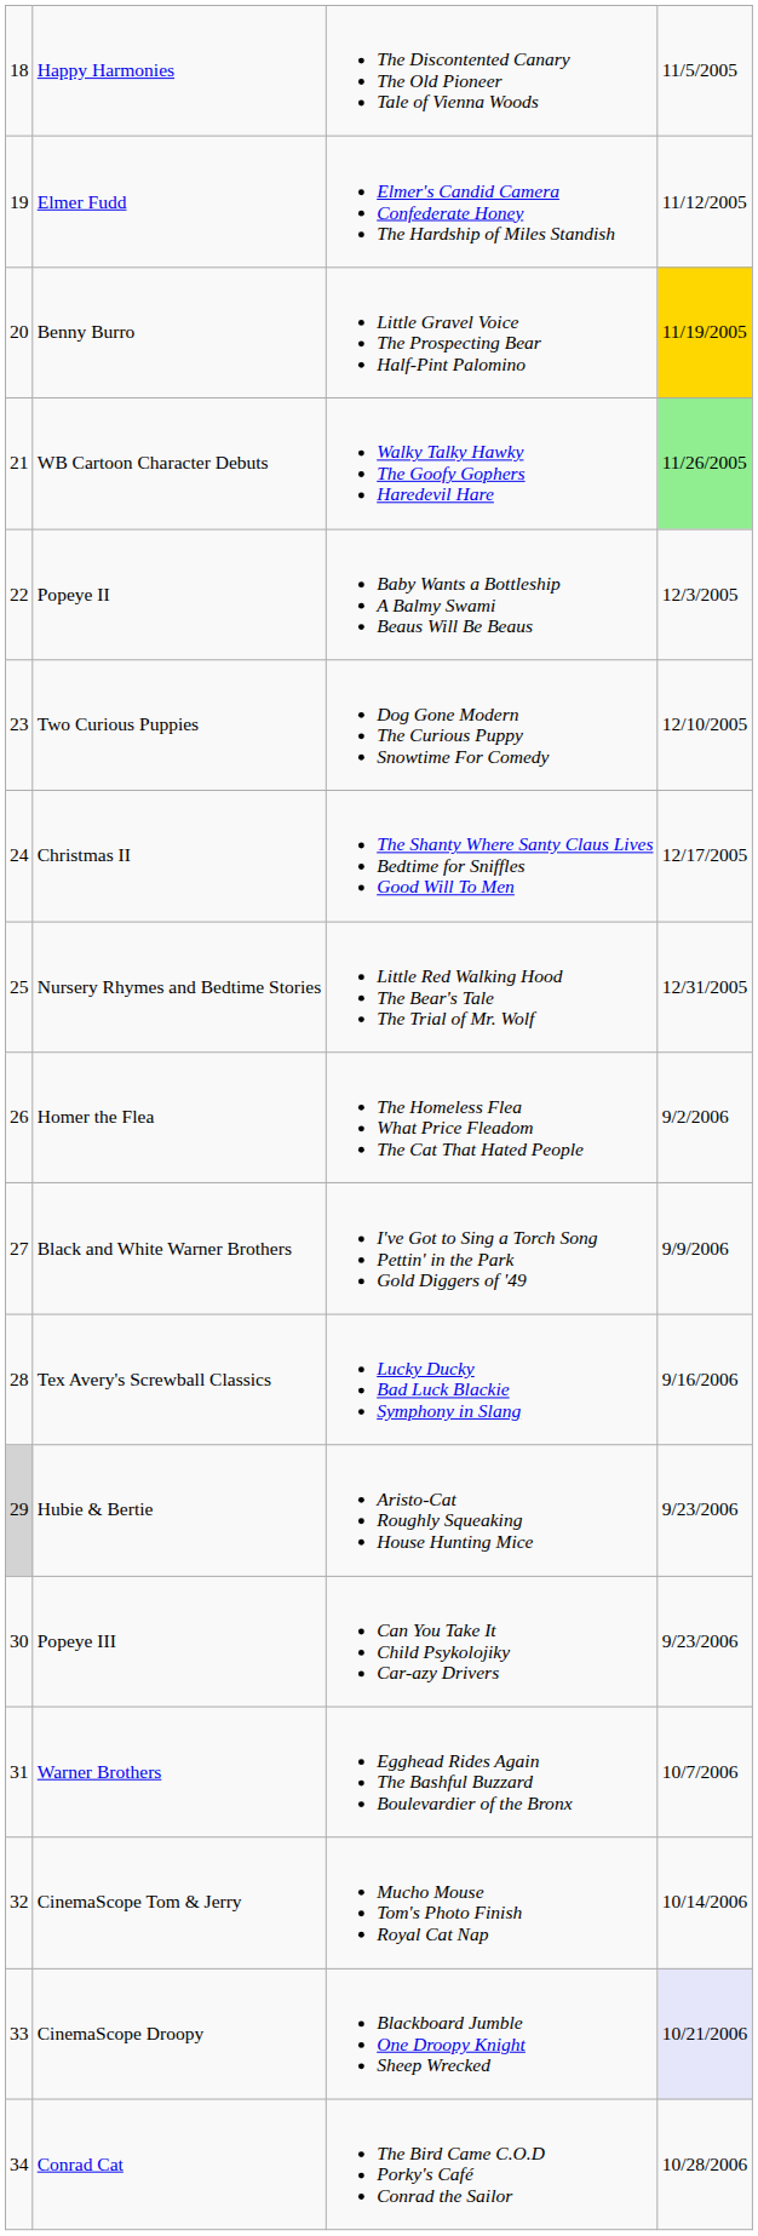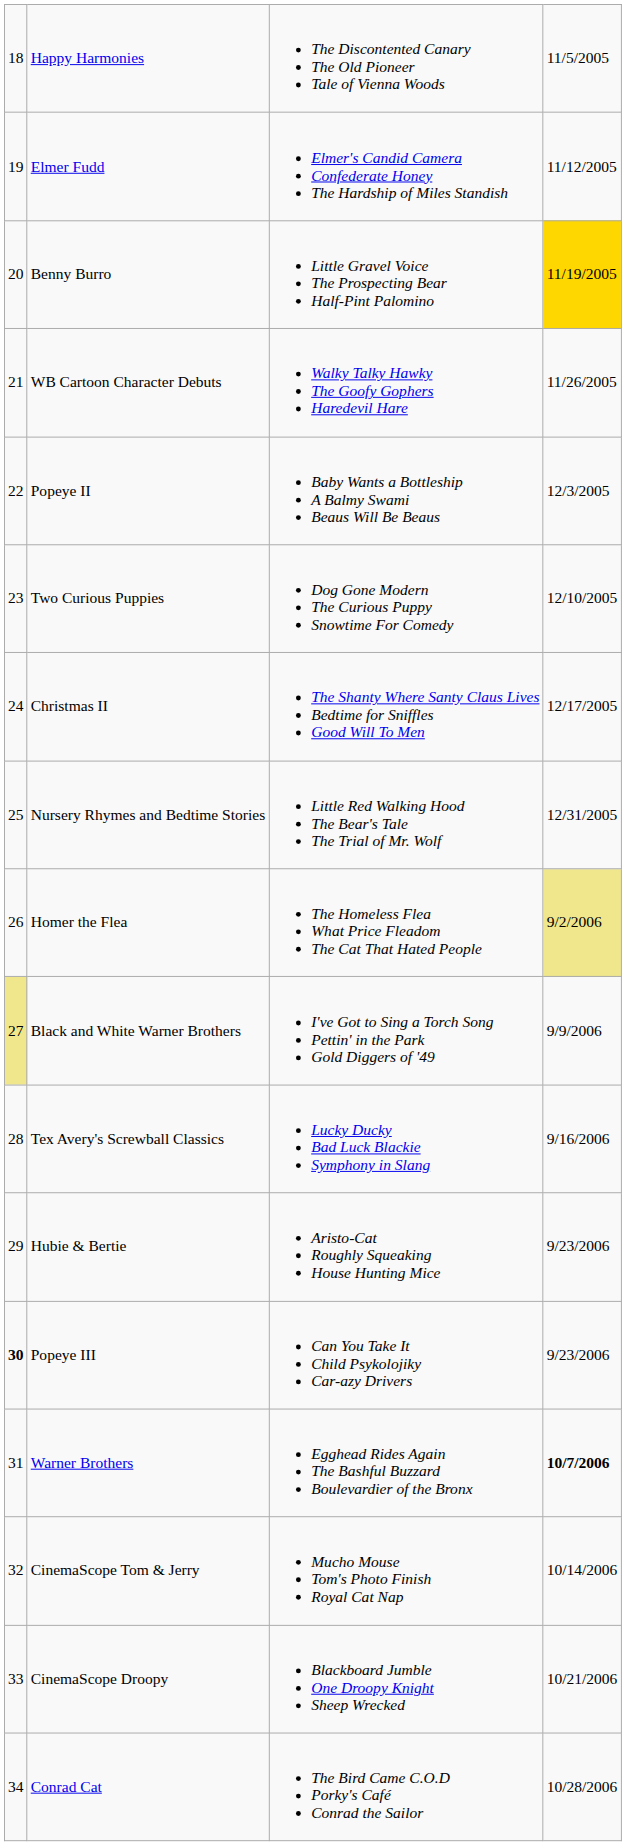 <table class="wikitable">
 <tr>
 <td>18</td>
 <td><a href='#'>Happy Harmonies</a></td>
 <td><br><ul><li><em>The Discontented Canary</em></li><li><em>The Old Pioneer</em></li><li><em>Tale of Vienna Woods</em></li></ul></td>
 <td>11/5/2005</td>
 </tr>
 <tr>
 <td>19</td>
 <td><a href='#'>Elmer Fudd</a></td>
 <td><br><ul><li><em><a href='#'>Elmer's Candid Camera</a></em></li><li><em><a href='#'>Confederate Honey</a></em></li><li><em>The Hardship of Miles Standish</em></li></ul></td>
 <td>11/12/2005</td>
 </tr>
 <tr>
 <td>20</td>
 <td>Benny Burro</td>
 <td><br><ul><li><em>Little Gravel Voice</em></li><li><em>The Prospecting Bear</em></li><li><em>Half-Pint Palomino</em></li></ul></td>
 <td style="background: gold;">11/19/2005</td>
 </tr>
 <tr>
 <td>21</td>
 <td>WB Cartoon Character Debuts</td>
 <td><br><ul><li><em><a href='#'>Walky Talky Hawky</a></em></li><li><em><a href='#'>The Goofy Gophers</a></em></li><li><em><a href='#'>Haredevil Hare</a></em></li></ul></td>
-<td style="background: lightgreen;">11/26/2005</td>
+<td>11/26/2005</td>
 </tr>
 <tr>
 <td>22</td>
 <td>Popeye II</td>
 <td><br><ul><li><em>Baby Wants a Bottleship</em></li><li><em>A Balmy Swami</em></li><li><em>Beaus Will Be Beaus</em></li></ul></td>
 <td>12/3/2005</td>
 </tr>
 <tr>
 <td>23</td>
 <td>Two Curious Puppies</td>
 <td><br><ul><li><em>Dog Gone Modern</em></li><li><em>The Curious Puppy</em></li><li><em>Snowtime For Comedy</em></li></ul></td>
 <td>12/10/2005</td>
 </tr>
 <tr>
 <td>24</td>
 <td>Christmas II</td>
 <td><br><ul><li><em><a href='#'>The Shanty Where Santy Claus Lives</a></em></li><li><em>Bedtime for Sniffles</em></li><li><em><a href='#'>Good Will To Men</a></em></li></ul></td>
 <td>12/17/2005</td>
 </tr>
 <tr>
 <td>25</td>
 <td>Nursery Rhymes and Bedtime Stories</td>
 <td><br><ul><li><em>Little Red Walking Hood</em></li><li><em>The Bear's Tale</em></li><li><em>The Trial of Mr. Wolf</em></li></ul></td>
 <td>12/31/2005</td>
 </tr>
 <tr>
 <td>26</td>
 <td>Homer the Flea</td>
 <td><br><ul><li><em>The Homeless Flea</em></li><li><em>What Price Fleadom</em></li><li><em>The Cat That Hated People</em></li></ul></td>
-<td>9/2/2006</td>
+<td style="background: khaki;">9/2/2006</td>
 </tr>
 <tr>
-<td>27</td>
+<td style="background: khaki;">27</td>
 <td>Black and White Warner Brothers</td>
 <td><br><ul><li><em>I've Got to Sing a Torch Song</em></li><li><em>Pettin' in the Park</em></li><li><em>Gold Diggers of '49</em></li></ul></td>
 <td>9/9/2006</td>
 </tr>
 <tr>
 <td>28</td>
 <td>Tex Avery's Screwball Classics</td>
 <td><br><ul><li><em><a href='#'>Lucky Ducky</a></em></li><li><em><a href='#'>Bad Luck Blackie</a></em></li><li><em><a href='#'>Symphony in Slang</a></em></li></ul></td>
 <td>9/16/2006</td>
 </tr>
 <tr>
-<td style="background: lightgrey;">29</td>
+<td>29</td>
 <td>Hubie & Bertie</td>
 <td><br><ul><li><em>Aristo-Cat</em></li><li><em>Roughly Squeaking</em></li><li><em>House Hunting Mice</em></li></ul></td>
 <td>9/23/2006</td>
 </tr>
 <tr>
-<td>30</td>
+<td><strong>30</strong></td>
 <td>Popeye III</td>
 <td><br><ul><li><em>Can You Take It</em></li><li><em>Child Psykolojiky</em></li><li><em>Car-azy Drivers</em></li></ul></td>
 <td>9/23/2006</td>
 </tr>
 <tr>
 <td>31</td>
 <td><a href='#'>Warner Brothers</a></td>
 <td><br><ul><li><em>Egghead Rides Again</em></li><li><em>The Bashful Buzzard</em></li><li><em>Boulevardier of the Bronx</em></li></ul></td>
-<td>10/7/2006</td>
+<td><strong>10/7/2006</strong></td>
 </tr>
 <tr>
 <td>32</td>
 <td>CinemaScope Tom & Jerry</td>
 <td><br><ul><li><em>Mucho Mouse</em></li><li><em>Tom's Photo Finish</em></li><li><em>Royal Cat Nap</em></li></ul></td>
 <td>10/14/2006</td>
 </tr>
 <tr>
 <td>33</td>
 <td>CinemaScope Droopy</td>
 <td><br><ul><li><em>Blackboard Jumble</em></li><li><em><a href='#'>One Droopy Knight</a></em></li><li><em>Sheep Wrecked</em></li></ul></td>
-<td style="background: lavender;">10/21/2006</td>
+<td>10/21/2006</td>
 </tr>
 <tr>
 <td>34</td>
 <td><a href='#'>Conrad Cat</a></td>
 <td><br><ul><li><em>The Bird Came C.O.D</em></li><li><em>Porky's Café</em></li><li><em>Conrad the Sailor</em></li></ul></td>
 <td>10/28/2006</td>
 </tr>
 </table>
